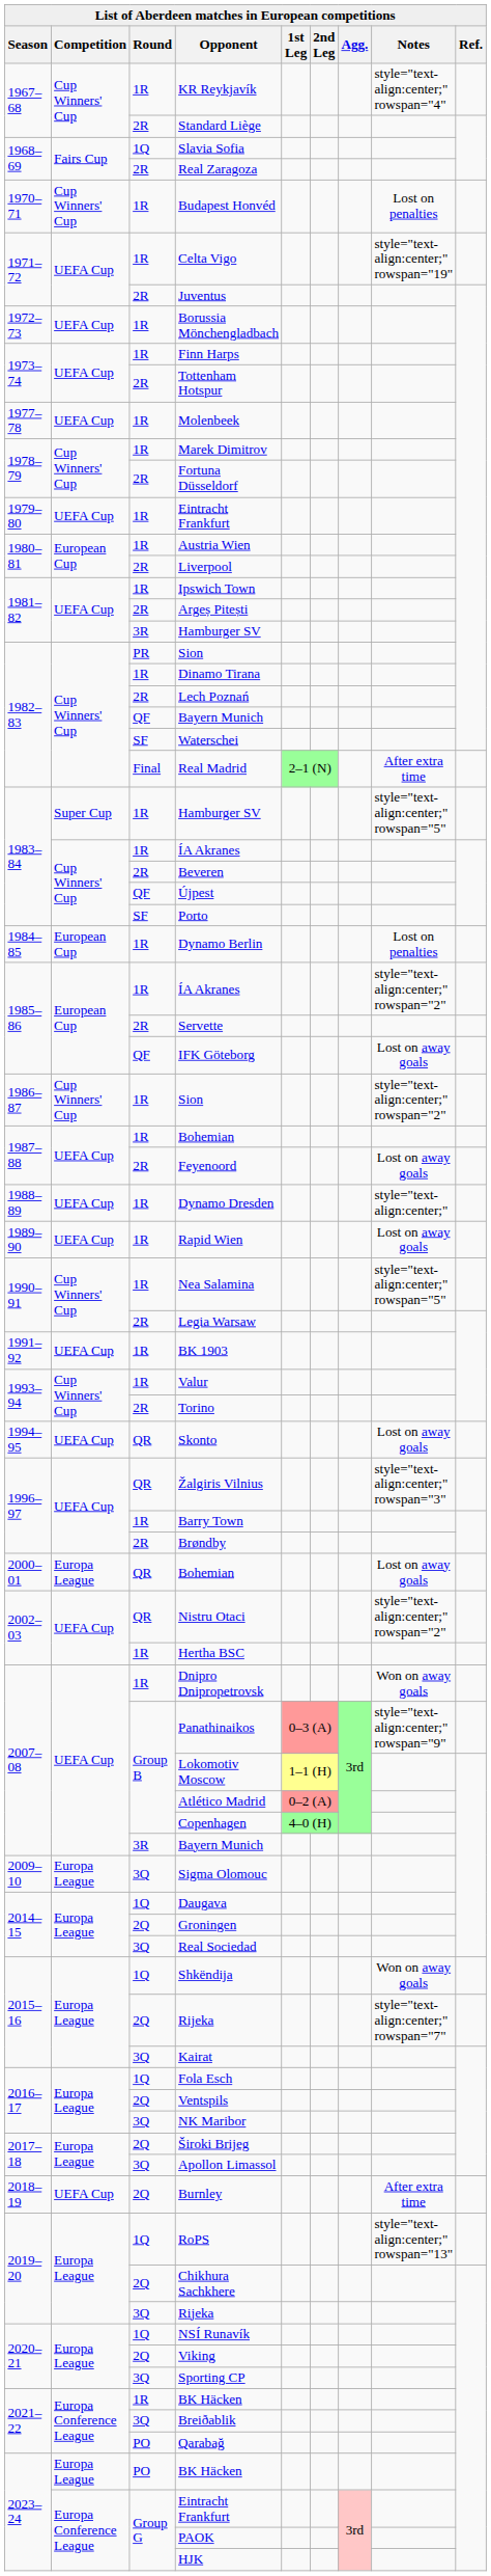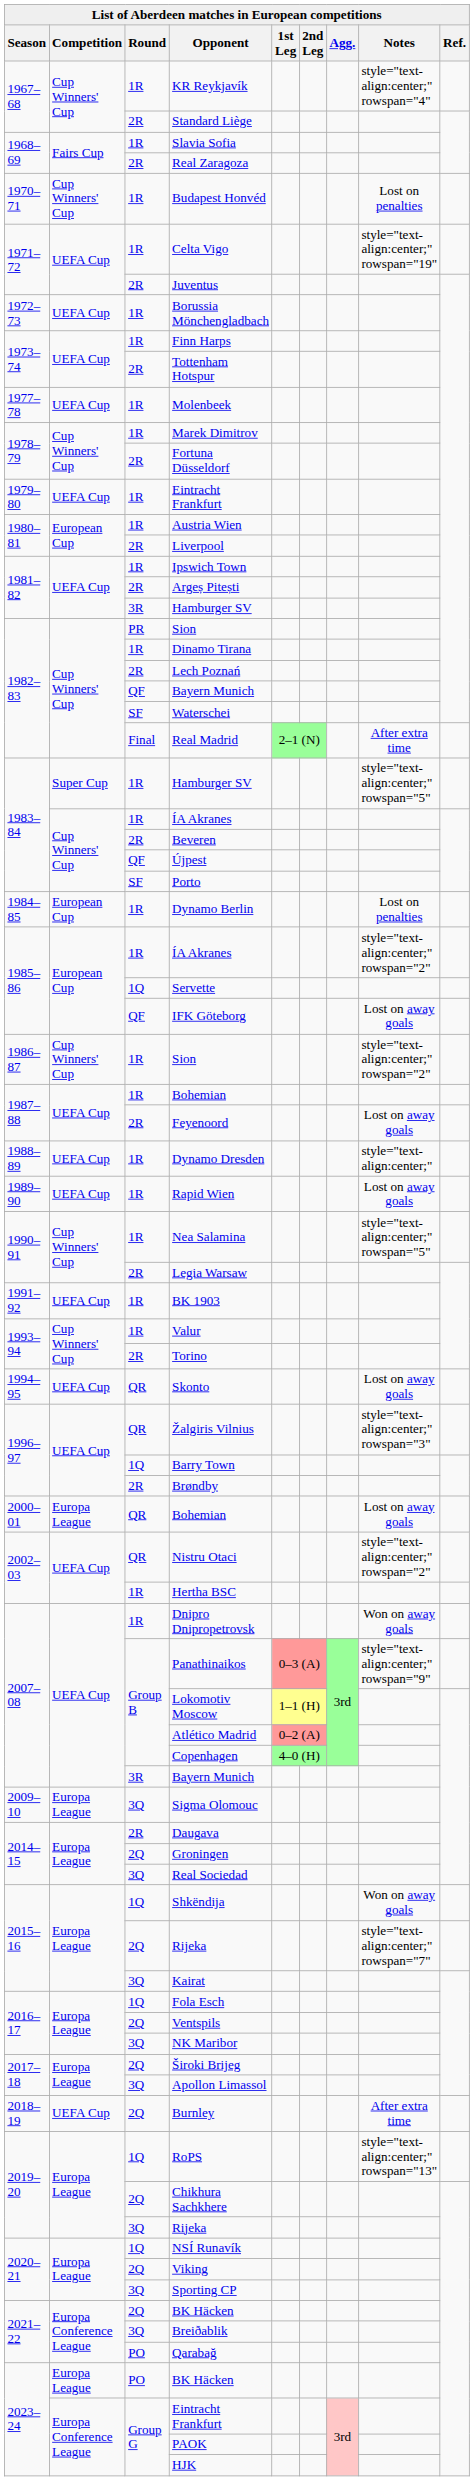 <table class="sortable plainrowheaders wikitable" width="65%" style="text-align: left;">
 <tr>
 <th style="background:#EFEFEF;" colspan=17>List of Aberdeen matches in European competitions</th>
 </tr>
 <tr>
 <th>Season</th>
 <th>Competition</th>
 <th>Round</th>
 <th>Opponent</th>
 <th>1st Leg</th>
 <th>2nd Leg</th>
 <th><a href='#'>Agg.</a></th>
 <th class="unsortable">Notes</th>
 <th class="unsortable">Ref.</th>
 </tr>
 <tr>
 <td rowspan=2><a href='#'>1967–68</a></td>
 <td rowspan=2><a href='#'>Cup Winners' Cup</a></td>
 <td><a href='#'>1R</a></td>
 <td> <a href='#'>KR Reykjavík</a></td>
 <td></td>
 <td></td>
 <td></td>
 <td>style="text-align:center;" rowspan="4" </td>
 <td></td>
 </tr>
 <tr>
 <td><a href='#'>2R</a></td>
 <td> <a href='#'>Standard Liège</a></td>
 <td></td>
 <td></td>
 <td></td>
 <td></td>
 </tr>
 <tr>
 <td rowspan=2><a href='#'>1968–69</a></td>
 <td rowspan=2><a href='#'>Fairs Cup</a></td>
-<td><a href='#'>1Q</a></td>
+<td><a href='#'>1R</a></td>
 <td> <a href='#'>Slavia Sofia</a></td>
 <td></td>
 <td></td>
 <td></td>
 <td></td>
 </tr>
 <tr>
 <td><a href='#'>2R</a></td>
 <td> <a href='#'>Real Zaragoza</a></td>
 <td></td>
 <td></td>
 <td></td>
 <td></td>
 </tr>
 <tr>
 <td><a href='#'>1970–71</a></td>
 <td><a href='#'>Cup Winners' Cup</a></td>
 <td><a href='#'>1R</a></td>
 <td> <a href='#'>Budapest Honvéd</a></td>
 <td></td>
 <td></td>
 <td></td>
 <td style="text-align:center;">Lost on <a href='#'>penalties</a></td>
 <td></td>
 </tr>
 <tr>
 <td rowspan=2><a href='#'>1971–72</a></td>
 <td rowspan=2><a href='#'>UEFA Cup</a></td>
 <td><a href='#'>1R</a></td>
 <td> <a href='#'>Celta Vigo</a></td>
 <td></td>
 <td></td>
 <td></td>
 <td>style="text-align:center;" rowspan="19" </td>
 <td></td>
 </tr>
 <tr>
 <td><a href='#'>2R</a></td>
 <td> <a href='#'>Juventus</a></td>
 <td></td>
 <td></td>
 <td></td>
 <td></td>
 </tr>
 <tr>
 <td><a href='#'>1972–73</a></td>
 <td><a href='#'>UEFA Cup</a></td>
 <td><a href='#'>1R</a></td>
 <td> <a href='#'>Borussia Mönchengladbach</a></td>
 <td></td>
 <td></td>
 <td></td>
 <td></td>
 </tr>
 <tr>
 <td rowspan=2><a href='#'>1973–74</a></td>
 <td rowspan=2><a href='#'>UEFA Cup</a></td>
 <td><a href='#'>1R</a></td>
 <td> <a href='#'>Finn Harps</a></td>
 <td></td>
 <td></td>
 <td></td>
 <td></td>
 </tr>
 <tr>
 <td><a href='#'>2R</a></td>
 <td> <a href='#'>Tottenham Hotspur</a></td>
 <td></td>
 <td></td>
 <td></td>
 <td></td>
 </tr>
 <tr>
 <td><a href='#'>1977–78</a></td>
 <td><a href='#'>UEFA Cup</a></td>
 <td><a href='#'>1R</a></td>
 <td> <a href='#'>Molenbeek</a></td>
 <td></td>
 <td></td>
 <td></td>
 <td></td>
 </tr>
 <tr>
 <td rowspan=2><a href='#'>1978–79</a></td>
 <td rowspan=2><a href='#'>Cup Winners' Cup</a></td>
 <td><a href='#'>1R</a></td>
 <td> <a href='#'>Marek Dimitrov</a></td>
 <td></td>
 <td></td>
 <td></td>
 <td></td>
 </tr>
 <tr>
 <td><a href='#'>2R</a></td>
 <td> <a href='#'>Fortuna Düsseldorf</a></td>
 <td></td>
 <td></td>
 <td></td>
 <td></td>
 </tr>
 <tr>
 <td><a href='#'>1979–80</a></td>
 <td><a href='#'>UEFA Cup</a></td>
 <td><a href='#'>1R</a></td>
 <td> <a href='#'>Eintracht Frankfurt</a></td>
 <td></td>
 <td></td>
 <td></td>
 <td></td>
 </tr>
 <tr>
 <td rowspan=2><a href='#'>1980–81</a></td>
 <td rowspan=2><a href='#'>European Cup</a></td>
 <td><a href='#'>1R</a></td>
 <td> <a href='#'>Austria Wien</a></td>
 <td></td>
 <td></td>
 <td></td>
 <td></td>
 </tr>
 <tr>
 <td><a href='#'>2R</a></td>
 <td> <a href='#'>Liverpool</a></td>
 <td></td>
 <td></td>
 <td></td>
 <td></td>
 </tr>
 <tr>
 <td rowspan=3><a href='#'>1981–82</a></td>
 <td rowspan=3><a href='#'>UEFA Cup</a></td>
 <td><a href='#'>1R</a></td>
 <td> <a href='#'>Ipswich Town</a></td>
 <td></td>
 <td></td>
 <td></td>
 <td></td>
 </tr>
 <tr>
 <td><a href='#'>2R</a></td>
 <td> <a href='#'>Argeș Pitești</a></td>
 <td></td>
 <td></td>
 <td></td>
 <td></td>
 </tr>
 <tr>
 <td><a href='#'>3R</a></td>
 <td> <a href='#'>Hamburger SV</a></td>
 <td></td>
 <td></td>
 <td></td>
 <td></td>
 </tr>
 <tr>
 <td rowspan=6><a href='#'>1982–83</a></td>
 <td rowspan=6><a href='#'>Cup Winners' Cup</a></td>
 <td><a href='#'>PR</a></td>
 <td> <a href='#'>Sion</a></td>
 <td></td>
 <td></td>
 <td></td>
 <td></td>
 </tr>
 <tr>
 <td><a href='#'>1R</a></td>
 <td> <a href='#'>Dinamo Tirana</a></td>
 <td></td>
 <td></td>
 <td></td>
 <td></td>
 </tr>
 <tr>
 <td><a href='#'>2R</a></td>
 <td> <a href='#'>Lech Poznań</a></td>
 <td></td>
 <td></td>
 <td></td>
 <td></td>
 </tr>
 <tr>
 <td><a href='#'>QF</a></td>
 <td> <a href='#'>Bayern Munich</a></td>
 <td></td>
 <td></td>
 <td></td>
 <td></td>
 </tr>
 <tr>
 <td><a href='#'>SF</a></td>
 <td> <a href='#'>Waterschei</a></td>
 <td></td>
 <td></td>
 <td></td>
 <td></td>
 </tr>
 <tr>
 <td><a href='#'>Final</a></td>
 <td> <a href='#'>Real Madrid</a></td>
 <td style="background:#9F9;vertical-align:middle;text-align:center;" class="table-yes" colspan="2">2–1 (N)</td>
 <td></td>
 <td style="text-align:center;"><a href='#'>After extra time</a></td>
 <td></td>
 </tr>
 <tr>
 <td rowspan=5><a href='#'>1983–84</a></td>
 <td><a href='#'>Super Cup</a></td>
 <td><a href='#'>1R</a></td>
 <td> <a href='#'>Hamburger SV</a></td>
 <td></td>
 <td></td>
 <td></td>
 <td>style="text-align:center;" rowspan="5" </td>
 <td></td>
 </tr>
 <tr>
 <td rowspan=4><a href='#'>Cup Winners' Cup</a></td>
 <td><a href='#'>1R</a></td>
 <td> <a href='#'>ÍA Akranes</a></td>
 <td></td>
 <td></td>
 <td></td>
 <td></td>
 </tr>
 <tr>
 <td><a href='#'>2R</a></td>
 <td> <a href='#'>Beveren</a></td>
 <td></td>
 <td></td>
 <td></td>
 <td></td>
 </tr>
 <tr>
 <td><a href='#'>QF</a></td>
 <td> <a href='#'>Újpest</a></td>
 <td></td>
 <td></td>
 <td></td>
 <td></td>
 </tr>
 <tr>
 <td><a href='#'>SF</a></td>
 <td> <a href='#'>Porto</a></td>
 <td></td>
 <td></td>
 <td></td>
 <td></td>
 </tr>
 <tr>
 <td><a href='#'>1984–85</a></td>
 <td><a href='#'>European Cup</a></td>
 <td><a href='#'>1R</a></td>
 <td> <a href='#'>Dynamo Berlin</a></td>
 <td></td>
 <td></td>
 <td></td>
 <td style="text-align:center;">Lost on <a href='#'>penalties</a></td>
 <td></td>
 </tr>
 <tr>
 <td rowspan=3><a href='#'>1985–86</a></td>
 <td rowspan=3><a href='#'>European Cup</a></td>
 <td><a href='#'>1R</a></td>
 <td> <a href='#'>ÍA Akranes</a></td>
 <td></td>
 <td></td>
 <td></td>
 <td>style="text-align:center;" rowspan="2" </td>
 <td></td>
 </tr>
 <tr>
-<td><a href='#'>2R</a></td>
+<td><a href='#'>1Q</a></td>
 <td> <a href='#'>Servette</a></td>
 <td></td>
 <td></td>
 <td></td>
 <td></td>
 </tr>
 <tr>
 <td><a href='#'>QF</a></td>
 <td> <a href='#'>IFK Göteborg</a></td>
 <td></td>
 <td></td>
 <td></td>
 <td style="text-align:center;">Lost on <a href='#'>away goals</a></td>
 <td></td>
 </tr>
 <tr>
 <td><a href='#'>1986–87</a></td>
 <td><a href='#'>Cup Winners' Cup</a></td>
 <td><a href='#'>1R</a></td>
 <td> <a href='#'>Sion</a></td>
 <td></td>
 <td></td>
 <td></td>
 <td>style="text-align:center;" rowspan="2" </td>
 <td></td>
 </tr>
 <tr>
 <td rowspan=2><a href='#'>1987–88</a></td>
 <td rowspan=2><a href='#'>UEFA Cup</a></td>
 <td><a href='#'>1R</a></td>
 <td> <a href='#'>Bohemian</a></td>
 <td></td>
 <td></td>
 <td></td>
 <td></td>
 </tr>
 <tr>
 <td><a href='#'>2R</a></td>
 <td> <a href='#'>Feyenoord</a></td>
 <td></td>
 <td></td>
 <td></td>
 <td style="text-align:center;">Lost on <a href='#'>away goals</a></td>
 <td></td>
 </tr>
 <tr>
 <td><a href='#'>1988–89</a></td>
 <td><a href='#'>UEFA Cup</a></td>
 <td><a href='#'>1R</a></td>
 <td> <a href='#'>Dynamo Dresden</a></td>
 <td></td>
 <td></td>
 <td></td>
 <td>style="text-align:center;" </td>
 <td></td>
 </tr>
 <tr>
 <td><a href='#'>1989–90</a></td>
 <td><a href='#'>UEFA Cup</a></td>
 <td><a href='#'>1R</a></td>
 <td> <a href='#'>Rapid Wien</a></td>
 <td></td>
 <td></td>
 <td></td>
 <td style="text-align:center;">Lost on <a href='#'>away goals</a></td>
 <td></td>
 </tr>
 <tr>
 <td rowspan=2><a href='#'>1990–91</a></td>
 <td rowspan=2><a href='#'>Cup Winners' Cup</a></td>
 <td><a href='#'>1R</a></td>
 <td> <a href='#'>Nea Salamina</a></td>
 <td></td>
 <td></td>
 <td></td>
 <td>style="text-align:center;" rowspan="5" </td>
 <td></td>
 </tr>
 <tr>
 <td><a href='#'>2R</a></td>
 <td> <a href='#'>Legia Warsaw</a></td>
 <td></td>
 <td></td>
 <td></td>
 <td></td>
 </tr>
 <tr>
 <td><a href='#'>1991–92</a></td>
 <td><a href='#'>UEFA Cup</a></td>
 <td><a href='#'>1R</a></td>
 <td> <a href='#'>BK 1903</a></td>
 <td></td>
 <td></td>
 <td></td>
 <td></td>
 </tr>
 <tr>
 <td rowspan=2><a href='#'>1993–94</a></td>
 <td rowspan=2><a href='#'>Cup Winners' Cup</a></td>
 <td><a href='#'>1R</a></td>
 <td> <a href='#'>Valur</a></td>
 <td></td>
 <td></td>
 <td></td>
 <td></td>
 </tr>
 <tr>
 <td><a href='#'>2R</a></td>
 <td> <a href='#'>Torino</a></td>
 <td></td>
 <td></td>
 <td></td>
 <td></td>
 </tr>
 <tr>
 <td><a href='#'>1994–95</a></td>
 <td><a href='#'>UEFA Cup</a></td>
 <td><a href='#'>QR</a></td>
 <td> <a href='#'>Skonto</a></td>
 <td></td>
 <td></td>
 <td></td>
 <td style="text-align:center;">Lost on <a href='#'>away goals</a></td>
 <td></td>
 </tr>
 <tr>
 <td rowspan=3><a href='#'>1996–97</a></td>
 <td rowspan=3><a href='#'>UEFA Cup</a></td>
 <td><a href='#'>QR</a></td>
 <td> <a href='#'>Žalgiris Vilnius</a></td>
 <td></td>
 <td></td>
 <td></td>
 <td>style="text-align:center;" rowspan="3" </td>
 <td></td>
 </tr>
 <tr>
-<td><a href='#'>1R</a></td>
+<td><a href='#'>1Q</a></td>
 <td> <a href='#'>Barry Town</a></td>
 <td></td>
 <td></td>
 <td></td>
 <td></td>
 </tr>
 <tr>
 <td><a href='#'>2R</a></td>
 <td> <a href='#'>Brøndby</a></td>
 <td></td>
 <td></td>
 <td></td>
 <td></td>
 </tr>
 <tr>
 <td><a href='#'>2000–01</a></td>
 <td><a href='#'>Europa League</a></td>
 <td><a href='#'>QR</a></td>
 <td> <a href='#'>Bohemian</a></td>
 <td></td>
 <td></td>
 <td></td>
 <td style="text-align:center;">Lost on <a href='#'>away goals</a></td>
 <td style="text-align:center;"></td>
 </tr>
 <tr>
 <td rowspan=2><a href='#'>2002–03</a></td>
 <td rowspan=2><a href='#'>UEFA Cup</a></td>
 <td><a href='#'>QR</a></td>
 <td> <a href='#'>Nistru Otaci</a></td>
 <td></td>
 <td></td>
 <td></td>
 <td>style="text-align:center;" rowspan="2" </td>
 <td style="text-align:center;"></td>
 </tr>
 <tr>
 <td><a href='#'>1R</a></td>
 <td> <a href='#'>Hertha BSC</a></td>
 <td></td>
 <td></td>
 <td></td>
 <td style="text-align:center;"></td>
 </tr>
 <tr>
 <td rowspan=6><a href='#'>2007–08</a></td>
 <td rowspan=6><a href='#'>UEFA Cup</a></td>
 <td><a href='#'>1R</a></td>
 <td> <a href='#'>Dnipro Dnipropetrovsk</a></td>
 <td></td>
 <td></td>
 <td></td>
 <td style="text-align:center;">Won on <a href='#'>away goals</a></td>
 <td style="text-align:center;"></td>
 </tr>
 <tr>
 <td rowspan=4><a href='#'>Group B</a></td>
 <td> <a href='#'>Panathinaikos</a></td>
 <td style="background:#F99;vertical-align:middle;text-align:center;" class="table-no" colspan="2">0–3 (A)</td>
 <td style="background:#9F9;vertical-align:middle;text-align:center;" class="table-yes" rowspan="4">3rd</td>
 <td>style="text-align:center;" rowspan="9" </td>
 <td style="text-align:center;"></td>
 </tr>
 <tr>
 <td> <a href='#'>Lokomotiv Moscow</a></td>
 <td style="background: #ffff90; color: black; vertical-align: middle; text-align: center; " class="table-maybe" colspan="2">1–1 (H)</td>
 <td style="text-align:center;"></td>
 </tr>
 <tr>
 <td> <a href='#'>Atlético Madrid</a></td>
 <td style="background:#F99;vertical-align:middle;text-align:center;" class="table-no" colspan="2">0–2 (A)</td>
 <td style="text-align:center;"></td>
 </tr>
 <tr>
 <td> <a href='#'>Copenhagen</a></td>
 <td style="background:#9F9;vertical-align:middle;text-align:center;" class="table-yes" colspan="2">4–0 (H)</td>
 <td style="text-align:center;"></td>
 </tr>
 <tr>
 <td><a href='#'>3R</a></td>
 <td> <a href='#'>Bayern Munich</a></td>
 <td></td>
 <td></td>
 <td></td>
 <td style="text-align:center;"></td>
 </tr>
 <tr>
 <td><a href='#'>2009–10</a></td>
 <td><a href='#'>Europa League</a></td>
 <td><a href='#'>3Q</a></td>
 <td> <a href='#'>Sigma Olomouc</a></td>
 <td></td>
 <td></td>
 <td></td>
 <td style="text-align:center;"></td>
 </tr>
 <tr>
 <td rowspan="3"><a href='#'>2014–15</a></td>
 <td rowspan="3"><a href='#'>Europa League</a></td>
-<td><a href='#'>1Q</a></td>
+<td><a href='#'>2R</a></td>
 <td> <a href='#'>Daugava</a></td>
 <td></td>
 <td></td>
 <td></td>
 <td></td>
 </tr>
 <tr>
 <td><a href='#'>2Q</a></td>
 <td> <a href='#'>Groningen</a></td>
 <td></td>
 <td></td>
 <td></td>
 <td style="text-align:center;"></td>
 </tr>
 <tr>
 <td><a href='#'>3Q</a></td>
 <td> <a href='#'>Real Sociedad</a></td>
 <td></td>
 <td></td>
 <td></td>
 <td></td>
 </tr>
 <tr>
 <td rowspan="3"><a href='#'>2015–16</a></td>
 <td rowspan="3"><a href='#'>Europa League</a></td>
 <td><a href='#'>1Q</a></td>
 <td> <a href='#'>Shkëndija</a></td>
 <td></td>
 <td></td>
 <td></td>
 <td style="text-align:center;">Won on <a href='#'>away goals</a></td>
 <td></td>
 </tr>
 <tr>
 <td><a href='#'>2Q</a></td>
 <td> <a href='#'>Rijeka</a></td>
 <td></td>
 <td></td>
 <td></td>
 <td>style="text-align:center;" rowspan="7" </td>
 <td></td>
 </tr>
 <tr>
 <td><a href='#'>3Q</a></td>
 <td> <a href='#'>Kairat</a></td>
 <td></td>
 <td></td>
 <td></td>
 <td style="text-align:center;"></td>
 </tr>
 <tr>
 <td rowspan="3"><a href='#'>2016–17</a></td>
 <td rowspan="3"><a href='#'>Europa League</a></td>
 <td><a href='#'>1Q</a></td>
 <td> <a href='#'>Fola Esch</a></td>
 <td></td>
 <td></td>
 <td></td>
 <td></td>
 </tr>
 <tr>
 <td><a href='#'>2Q</a></td>
 <td> <a href='#'>Ventspils</a></td>
 <td></td>
 <td></td>
 <td></td>
 <td></td>
 </tr>
 <tr>
 <td><a href='#'>3Q</a></td>
 <td> <a href='#'>NK Maribor</a></td>
 <td></td>
 <td></td>
 <td></td>
 <td></td>
 </tr>
 <tr>
 <td rowspan="2"><a href='#'>2017–18</a></td>
 <td rowspan="2"><a href='#'>Europa League</a></td>
 <td><a href='#'>2Q</a></td>
 <td> <a href='#'>Široki Brijeg</a></td>
 <td></td>
 <td></td>
 <td></td>
 <td style="text-align:center;"></td>
 </tr>
 <tr>
 <td><a href='#'>3Q</a></td>
 <td> <a href='#'>Apollon Limassol</a></td>
 <td></td>
 <td></td>
 <td></td>
 <td style="text-align:center;"></td>
 </tr>
 <tr>
 <td><a href='#'>2018–19</a></td>
 <td><a href='#'>UEFA Cup</a></td>
 <td><a href='#'>2Q</a></td>
 <td> <a href='#'>Burnley</a></td>
 <td></td>
 <td></td>
 <td></td>
 <td style="text-align:center;"><a href='#'>After extra time</a></td>
 <td style="text-align:center;"></td>
 </tr>
 <tr>
 <td rowspan="3"><a href='#'>2019–20</a></td>
 <td rowspan="3"><a href='#'>Europa League</a></td>
 <td><a href='#'>1Q</a></td>
 <td> <a href='#'>RoPS</a></td>
 <td></td>
 <td></td>
 <td></td>
 <td>style="text-align:center;" rowspan="13" </td>
 <td style="text-align:center;"></td>
 </tr>
 <tr>
 <td><a href='#'>2Q</a></td>
 <td> <a href='#'>Chikhura Sachkhere</a></td>
 <td></td>
 <td></td>
 <td></td>
 <td style="text-align:center;"></td>
 </tr>
 <tr>
 <td><a href='#'>3Q</a></td>
 <td> <a href='#'>Rijeka</a></td>
 <td></td>
 <td></td>
 <td></td>
 <td style="text-align:center;"></td>
 </tr>
 <tr>
 <td rowspan="3"><a href='#'>2020–21</a></td>
 <td rowspan="3"><a href='#'>Europa League</a></td>
 <td><a href='#'>1Q</a></td>
 <td> <a href='#'>NSÍ Runavík</a></td>
 <td></td>
 <td></td>
 <td></td>
 <td style="text-align:center;"></td>
 </tr>
 <tr>
 <td><a href='#'>2Q</a></td>
 <td> <a href='#'>Viking</a></td>
 <td></td>
 <td></td>
 <td></td>
 <td style="text-align:center;"></td>
 </tr>
 <tr>
 <td><a href='#'>3Q</a></td>
 <td> <a href='#'>Sporting CP</a></td>
 <td></td>
 <td></td>
 <td></td>
 <td style="text-align:center;"></td>
 </tr>
 <tr>
 <td rowspan="3"><a href='#'>2021–22</a></td>
 <td rowspan="3"><a href='#'>Europa Conference League</a></td>
-<td><a href='#'>1R</a></td>
+<td><a href='#'>2Q</a></td>
 <td> <a href='#'>BK Häcken</a></td>
 <td></td>
 <td></td>
 <td></td>
 <td style="text-align:center;"></td>
 </tr>
 <tr>
 <td><a href='#'>3Q</a></td>
 <td> <a href='#'>Breiðablik</a></td>
 <td></td>
 <td></td>
 <td></td>
 <td style="text-align:center;"></td>
 </tr>
 <tr>
 <td><a href='#'>PO</a></td>
 <td> <a href='#'>Qarabağ</a></td>
 <td></td>
 <td></td>
 <td></td>
 <td style="text-align:center;"></td>
 </tr>
 <tr>
 <td rowspan=4><a href='#'>2023–24</a></td>
 <td><a href='#'>Europa League</a></td>
 <td><a href='#'>PO</a></td>
 <td> <a href='#'>BK Häcken</a></td>
 <td></td>
 <td></td>
 <td></td>
 <td style="text-align:center;"></td>
 </tr>
 <tr>
 <td rowspan=3><a href='#'>Europa Conference League</a></td>
 <td rowspan=3><a href='#'>Group G</a></td>
 <td> <a href='#'>Eintracht Frankfurt</a></td>
 <td></td>
 <td></td>
 <td style="background:#FFC7C7;vertical-align:middle;text-align:center;" class="table-yes" rowspan="3">3rd</td>
 <td style="text-align:center;"></td>
 </tr>
 <tr>
 <td> <a href='#'>PAOK</a></td>
 <td></td>
 <td></td>
 <td style="text-align:center;"></td>
 </tr>
 <tr>
 <td> <a href='#'>HJK</a></td>
 <td></td>
 <td></td>
 <td style="text-align:center;"></td>
 </tr>
 </table>
